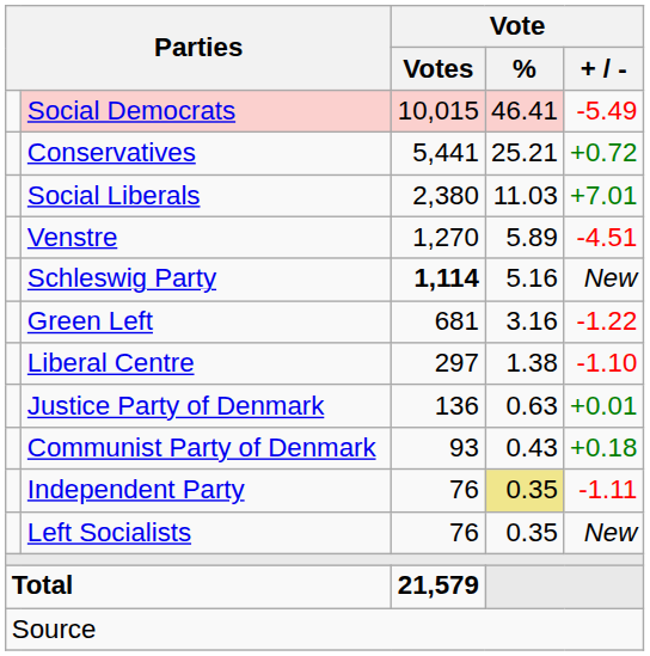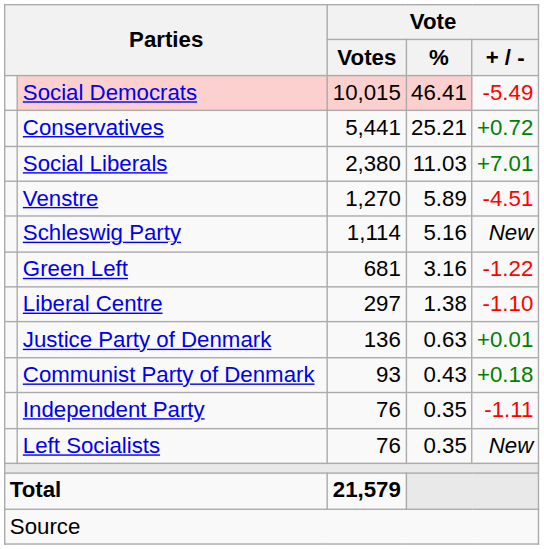 <table class="wikitable" style="text-align:right;">
 <tr>
 <th style="text-align:centre;" rowspan="2" colspan="2" width="225">Parties</th>
 <th colspan="3">Vote</th>
 </tr>
 <tr>
 <th width="15">Votes</th>
 <th width="15">%</th>
 <th width="15">+ / -</th>
 </tr>
 <tr>
 <td width="2" style="color:inherit;background:"></td>
 <td bgcolor=#fbd0ce  align="left"><a href='#'>Social Democrats</a></td>
 <td bgcolor=#fbd0ce>10,015</td>
 <td bgcolor=#fbd0ce>46.41</td>
 <td style=color:red;>-5.49</td>
 </tr>
 <tr>
 <td width="2" style="color:inherit;background:"></td>
 <td align="left"><a href='#'>Conservatives</a></td>
 <td>5,441</td>
 <td>25.21</td>
 <td style=color:green;>+0.72</td>
 </tr>
 <tr>
 <td width="2" style="color:inherit;background:"></td>
 <td align="left"><a href='#'>Social Liberals</a></td>
 <td>2,380</td>
 <td>11.03</td>
 <td style=color:green;>+7.01</td>
 </tr>
 <tr>
 <td width="2" style="color:inherit;background:"></td>
 <td align="left"><a href='#'>Venstre</a></td>
 <td>1,270</td>
 <td>5.89</td>
 <td style=color:red;>-4.51</td>
 </tr>
 <tr>
 <td width="2" style="color:inherit;background:"></td>
 <td align="left"><a href='#'>Schleswig Party</a></td>
-<td><strong>1,114</strong></td>
+<td>1,114</td>
 <td>5.16</td>
 <td><em>New</em></td>
 </tr>
 <tr>
 <td width="2" style="color:inherit;background:"></td>
 <td align="left"><a href='#'>Green Left</a></td>
 <td>681</td>
 <td>3.16</td>
 <td style=color:red;>-1.22</td>
 </tr>
 <tr>
 <td width="2" style="color:inherit;background:"></td>
 <td align="left"><a href='#'>Liberal Centre</a></td>
 <td>297</td>
 <td>1.38</td>
 <td style=color:red;>-1.10</td>
 </tr>
 <tr>
 <td width="2" style="color:inherit;background:"></td>
 <td align="left"><a href='#'>Justice Party of Denmark</a></td>
 <td>136</td>
 <td>0.63</td>
 <td style=color:green;>+0.01</td>
 </tr>
 <tr>
 <td width="2" style="color:inherit;background:"></td>
 <td align="left"><a href='#'>Communist Party of Denmark</a></td>
 <td>93</td>
 <td>0.43</td>
 <td style=color:green;>+0.18</td>
 </tr>
 <tr>
 <td width="2" style="color:inherit;background:"></td>
 <td align="left"><a href='#'>Independent Party</a></td>
 <td>76</td>
-<td style="background: khaki;">0.35</td>
+<td>0.35</td>
 <td style=color:red;>-1.11</td>
 </tr>
 <tr>
 <td width="2" style="color:inherit;background:"></td>
 <td align="left"><a href='#'>Left Socialists</a></td>
 <td>76</td>
 <td>0.35</td>
 <td><em>New</em></td>
 </tr>
 <tr>
 <td colspan="7" bgcolor="#E9E9E9"></td>
 </tr>
 <tr>
 <td align="left" colspan="2"><strong>Total</strong></td>
 <td><strong>21,579</strong></td>
 <td bgcolor="#E9E9E9" colspan="2"></td>
 </tr>
 <tr>
 <td align="left" colspan="6">Source</td>
 </tr>
 </table>
